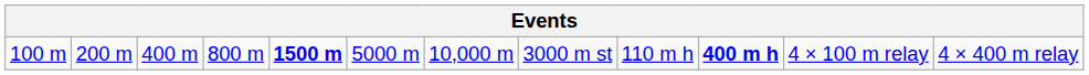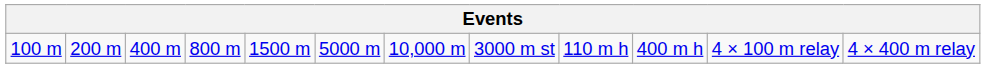 <table class="wikitable" style="margin: 1em auto 1em auto">
 <tr>
 <th colspan=12>Events</th>
 </tr>
 <tr>
 <td><a href='#'>100 m</a></td>
 <td><a href='#'>200 m</a></td>
 <td><a href='#'>400 m</a></td>
 <td><a href='#'>800 m</a></td>
-<td><strong><a href='#'>1500 m</a></strong></td>
+<td><a href='#'>1500 m</a></td>
 <td><a href='#'>5000 m</a></td>
 <td><a href='#'>10,000 m</a></td>
 <td><a href='#'>3000 m st</a></td>
 <td><a href='#'>110 m h</a></td>
-<td><strong><a href='#'>400 m h</a></strong></td>
+<td><a href='#'>400 m h</a></td>
 <td><a href='#'>4 × 100 m relay</a></td>
 <td><a href='#'>4 × 400 m relay</a></td>
 </tr>
 </table>
